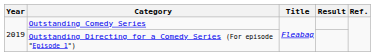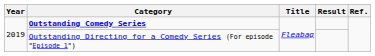 <table class="wikitable">
 <tr>
 <th>Year</th>
 <th>Category</th>
 <th>Title</th>
 <th>Result</th>
 <th>Ref.</th>
 </tr>
 <tr>
 <td rowspan=2>2019</td>
-<td><a href='#'>Outstanding Comedy Series</a></td>
+<td><strong><a href='#'>Outstanding Comedy Series</a></strong></td>
 <td rowspan=2><em><a href='#'>Fleabag</a></em></td>
 <td></td>
 <td rowspan=2><br></td>
 </tr>
 <tr>
 <td><a href='#'>Outstanding Directing for a Comedy Series</a> <small>(For episode "<a href='#'>Episode 1</a>")</small></td>
 <td></td>
 </tr>
 </table>
